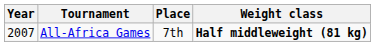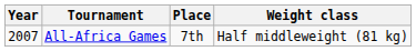 <table class=wikitable>
 <tr>
 <th>Year</th>
 <th>Tournament</th>
 <th>Place</th>
 <th>Weight class</th>
 </tr>
 <tr>
 <td>2007</td>
 <td><a href='#'>All-Africa Games</a></td>
 <td align="center">7th</td>
-<td><strong>Half middleweight (81 kg)</strong></td>
+<td>Half middleweight (81 kg)</td>
 </tr>
 </table>
